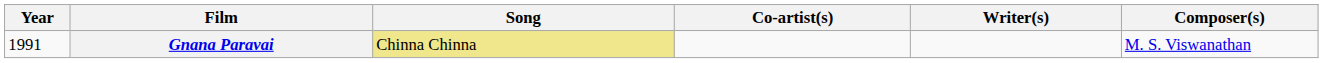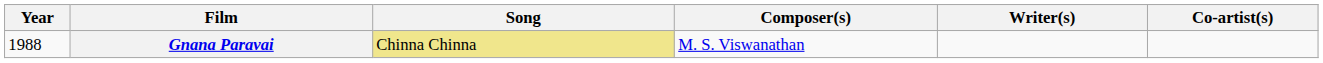 <table class="wikitable plainrowheaders" width="100%" textcolor:#000;">
 <tr style="background:#b0e0e66;">
 <th scope="col" width=5%><strong>Year</strong></th>
 <th scope="col" width=23%><strong>Film</strong></th>
 <th scope="col" width=23%><strong>Song</strong></th>
+<th scope="col" width=20%><strong>Composer(s)</strong></th>
+<th scope="col" width=16%><strong>Writer(s)</strong></th>
 <th scope="col" width=18%><strong>Co-artist(s)</strong></th>
-<th scope="col" width=16%><strong>Writer(s)</strong></th>
-<th scope="col" width=20%><strong>Composer(s)</strong></th>
 </tr>
 <tr>
-<td>1991</td>
+<td>1988</td>
 <th><em><a href='#'>Gnana Paravai</a></em></th>
 <td style="background: khaki;">Chinna Chinna</td>
+<td><a href='#'>M. S. Viswanathan</a></td>
 <td></td>
 <td></td>
-<td><a href='#'>M. S. Viswanathan</a></td>
 </tr>
 </table>
